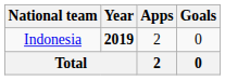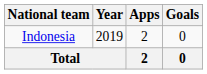 <table class=wikitable style=text-align:center>
 <tr>
 <th>National team</th>
 <th>Year</th>
 <th>Apps</th>
 <th>Goals</th>
 </tr>
 <tr>
 <td><a href='#'>Indonesia</a></td>
-<td><strong>2019</strong></td>
+<td>2019</td>
 <td>2</td>
 <td>0</td>
 </tr>
 <tr>
 <th colspan=2>Total</th>
 <th>2</th>
 <th>0</th>
 </tr>
 </table>
